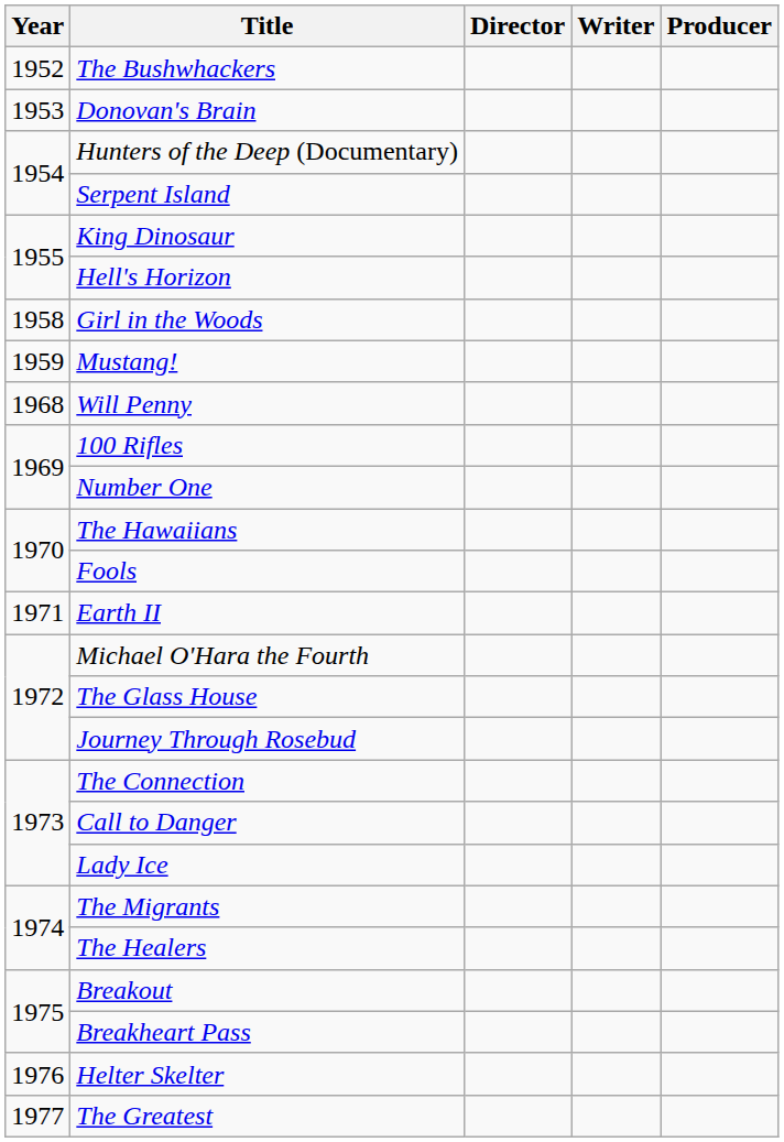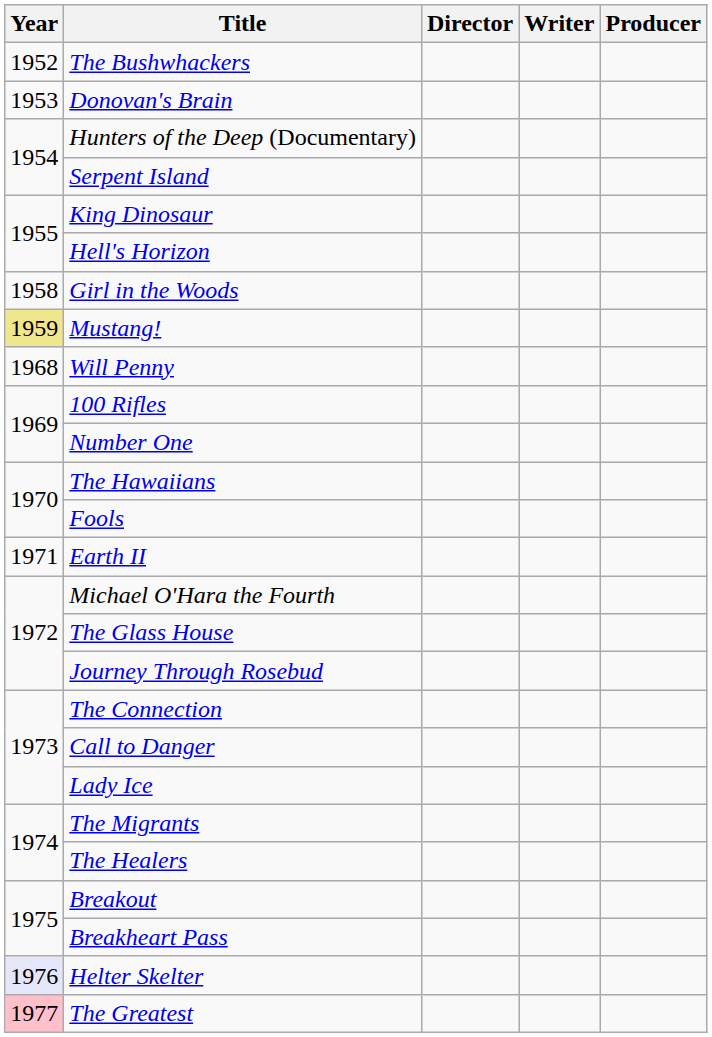 <table class="wikitable">
 <tr>
 <th>Year</th>
 <th>Title</th>
 <th>Director</th>
 <th>Writer</th>
 <th>Producer</th>
 </tr>
 <tr>
 <td>1952</td>
 <td><em><a href='#'>The Bushwhackers</a></em></td>
 <td></td>
 <td></td>
 <td></td>
 </tr>
 <tr>
 <td>1953</td>
 <td><em><a href='#'>Donovan's Brain</a></em></td>
 <td></td>
 <td></td>
 <td></td>
 </tr>
 <tr>
 <td rowspan=2>1954</td>
 <td><em>Hunters of the Deep</em> (Documentary)</td>
 <td></td>
 <td></td>
 <td></td>
 </tr>
 <tr>
 <td><em><a href='#'>Serpent Island</a></em></td>
 <td></td>
 <td></td>
 <td></td>
 </tr>
 <tr>
 <td rowspan=2>1955</td>
 <td><em><a href='#'>King Dinosaur</a></em></td>
 <td></td>
 <td></td>
 <td></td>
 </tr>
 <tr>
 <td><em><a href='#'>Hell's Horizon</a></em></td>
 <td></td>
 <td></td>
 <td></td>
 </tr>
 <tr>
 <td>1958</td>
 <td><em><a href='#'>Girl in the Woods</a></em></td>
 <td></td>
 <td></td>
 <td></td>
 </tr>
 <tr>
-<td>1959</td>
+<td style="background: khaki;">1959</td>
 <td><em><a href='#'>Mustang!</a></em></td>
 <td></td>
 <td></td>
 <td></td>
 </tr>
 <tr>
 <td>1968</td>
 <td><em><a href='#'>Will Penny</a></em></td>
 <td></td>
 <td></td>
 <td></td>
 </tr>
 <tr>
 <td rowspan=2>1969</td>
 <td><em><a href='#'>100 Rifles</a></em></td>
 <td></td>
 <td></td>
 <td></td>
 </tr>
 <tr>
 <td><em><a href='#'>Number One</a></em></td>
 <td></td>
 <td></td>
 <td></td>
 </tr>
 <tr>
 <td rowspan=2>1970</td>
 <td><em><a href='#'>The Hawaiians</a></em></td>
 <td></td>
 <td></td>
 <td></td>
 </tr>
 <tr>
 <td><em><a href='#'>Fools</a></em></td>
 <td></td>
 <td></td>
 <td></td>
 </tr>
 <tr>
 <td>1971</td>
 <td><em><a href='#'>Earth II</a></em></td>
 <td></td>
 <td></td>
 <td></td>
 </tr>
 <tr>
 <td rowspan=3>1972</td>
 <td><em>Michael O'Hara the Fourth</em></td>
 <td></td>
 <td></td>
 <td></td>
 </tr>
 <tr>
 <td><em><a href='#'>The Glass House</a></em></td>
 <td></td>
 <td></td>
 <td></td>
 </tr>
 <tr>
 <td><em><a href='#'>Journey Through Rosebud</a></em></td>
 <td></td>
 <td></td>
 <td></td>
 </tr>
 <tr>
 <td rowspan=3>1973</td>
 <td><em><a href='#'>The Connection</a></em></td>
 <td></td>
 <td></td>
 <td></td>
 </tr>
 <tr>
 <td><em><a href='#'>Call to Danger</a></em></td>
 <td></td>
 <td></td>
 <td></td>
 </tr>
 <tr>
 <td><em><a href='#'>Lady Ice</a></em></td>
 <td></td>
 <td></td>
 <td></td>
 </tr>
 <tr>
 <td rowspan=2>1974</td>
 <td><em><a href='#'>The Migrants</a></em></td>
 <td></td>
 <td></td>
 <td></td>
 </tr>
 <tr>
 <td><em><a href='#'>The Healers</a></em></td>
 <td></td>
 <td></td>
 <td></td>
 </tr>
 <tr>
 <td rowspan=2>1975</td>
 <td><em><a href='#'>Breakout</a></em></td>
 <td></td>
 <td></td>
 <td></td>
 </tr>
 <tr>
 <td><em><a href='#'>Breakheart Pass</a></em></td>
 <td></td>
 <td></td>
 <td></td>
 </tr>
 <tr>
-<td>1976</td>
+<td style="background: lavender;">1976</td>
 <td><em><a href='#'>Helter Skelter</a></em></td>
 <td></td>
 <td></td>
 <td></td>
 </tr>
 <tr>
-<td>1977</td>
+<td style="background: pink;">1977</td>
 <td><em><a href='#'>The Greatest</a></em></td>
 <td></td>
 <td></td>
 <td></td>
 </tr>
 </table>
